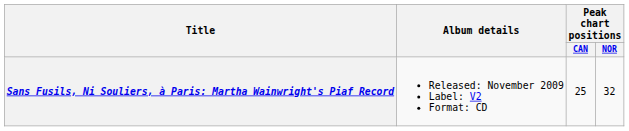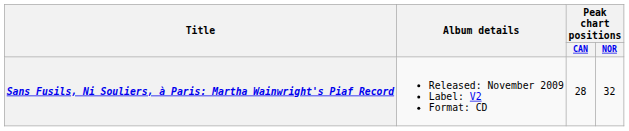 <table class="wikitable plainrowheaders">
 <tr>
 <th scope="col" rowspan="2">Title</th>
 <th scope="col" rowspan="2">Album details</th>
 <th scope="col" colspan="2">Peak chart positions</th>
 </tr>
 <tr>
 <th style="width:3em;font-size:85%"><a href='#'>CAN</a><br></th>
 <th style="width:3em;font-size:85%"><a href='#'>NOR</a><br></th>
 </tr>
 <tr>
 <th scope="row"><em><a href='#'>Sans Fusils, Ni Souliers, à Paris: Martha Wainwright's Piaf Record</a></em></th>
 <td><br><ul><li>Released: November 2009</li><li>Label: <a href='#'>V2</a></li><li>Format: CD</li></ul></td>
-<td align="center">25</td>
+<td align="center">28</td>
 <td align="center">32</td>
 </tr>
 </table>
